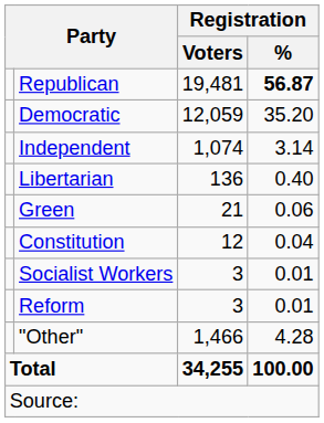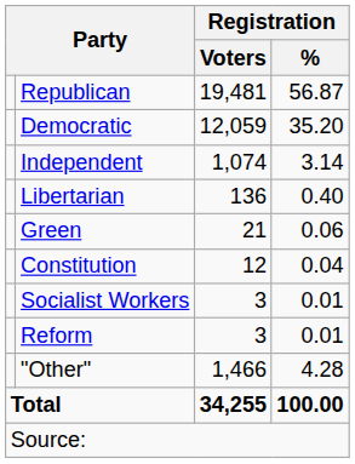 <table class="wikitable">
 <tr>
 <th colspan="2" rowspan="2">Party</th>
 <th colspan="2">Registration</th>
 </tr>
 <tr>
 <th>Voters</th>
 <th>%</th>
 </tr>
 <tr>
 <td style="background-color:"></td>
 <td><a href='#'>Republican</a></td>
 <td style="text-align:right;">19,481</td>
-<td style="text-align:right;"><strong>56.87</strong></td>
+<td style="text-align:right;">56.87</td>
 </tr>
 <tr>
 <td style="background-color:"></td>
 <td><a href='#'>Democratic</a></td>
 <td style="text-align:right;">12,059</td>
 <td style="text-align:right;">35.20</td>
 </tr>
 <tr>
 <td style="background-color:"></td>
 <td><a href='#'>Independent</a></td>
 <td style="text-align:right;">1,074</td>
 <td style="text-align:right;">3.14</td>
 </tr>
 <tr>
 <td style="background-color:"></td>
 <td><a href='#'>Libertarian</a></td>
 <td style="text-align:right;">136</td>
 <td style="text-align:right;">0.40</td>
 </tr>
 <tr>
 <td style="background-color:"></td>
 <td><a href='#'>Green</a></td>
 <td style="text-align:right;">21</td>
 <td style="text-align:right;">0.06</td>
 </tr>
 <tr>
 <td style="background-color:"></td>
 <td><a href='#'>Constitution</a></td>
 <td style="text-align:right;">12</td>
 <td style="text-align:right;">0.04</td>
 </tr>
 <tr>
 <td style="background-color:"></td>
 <td><a href='#'>Socialist Workers</a></td>
 <td style="text-align:right;">3</td>
 <td style="text-align:right;">0.01</td>
 </tr>
 <tr>
 <td style="background-color:"></td>
 <td><a href='#'>Reform</a></td>
 <td style="text-align:right;">3</td>
 <td style="text-align:right;">0.01</td>
 </tr>
 <tr>
 <td></td>
 <td>"Other"</td>
 <td style="text-align:right;">1,466</td>
 <td style="text-align:right;">4.28</td>
 </tr>
 <tr>
 <td colspan="2"><strong>Total</strong></td>
 <td style="text-align:right;"><strong>34,255</strong></td>
 <td style="text-align:right;"><strong>100.00</strong></td>
 </tr>
 <tr>
 <td colspan="4">Source: <em></em></td>
 </tr>
 </table>
